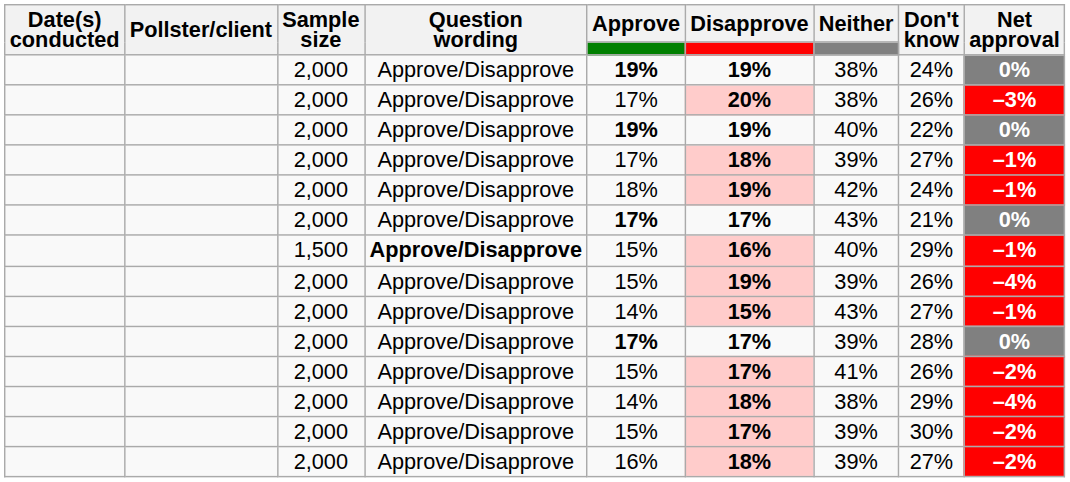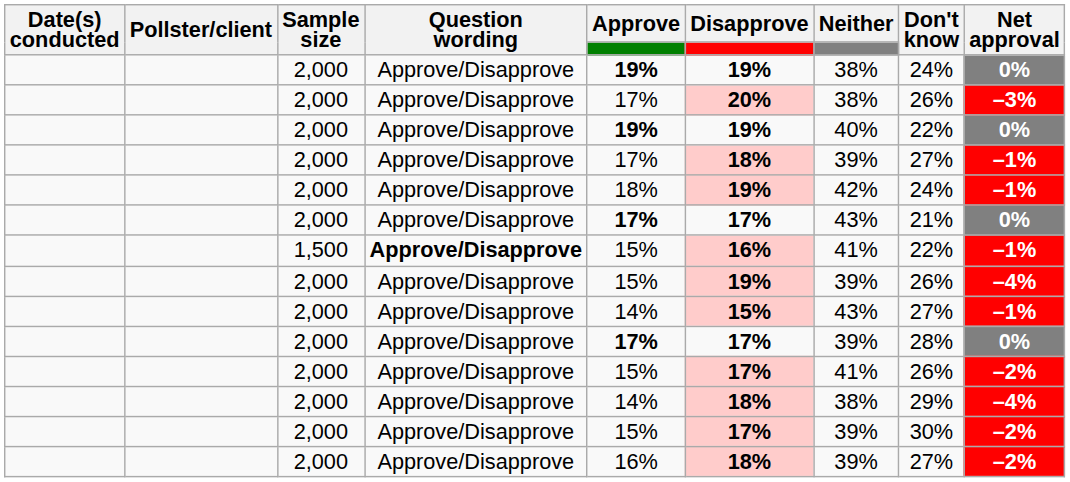 <table class="wikitable collapsible sortable mw-datatable" style="text-align:center;font-size:95%;line-height:14px;">
 <tr>
 <th style="width:125px;" rowspan="2">Date(s)<br>conducted</th>
 <th style="width:200px;" rowspan="2">Pollster/client</th>
 <th style="width:60px;" rowspan="2">Sample size</th>
 <th style="width:120px;" rowspan="2">Question<br>wording</th>
 <th class="unsortable" style="width:80px;">Approve</th>
 <th class="unsortable" style="width: 80px;">Disapprove</th>
 <th class="unsortable" style="width:80px;">Neither</th>
 <th class="unsortable" style="width:80px;" rowspan="2">Don't know</th>
 <th class="unsortable" style="width:20px;" rowspan="2">Net approval</th>
 </tr>
 <tr>
 <th class="unsortable" style="color:inherit;background:green;width:60px;"></th>
 <th class="unsortable" style="color:inherit;background:red;width:60px;"></th>
 <th class="unsortable" style="background:grey;width:60px;"></th>
 </tr>
 <tr>
 <td></td>
 <td></td>
 <td>2,000</td>
 <td>Approve/Disapprove</td>
 <td><strong>19%</strong></td>
 <td><strong>19%</strong></td>
 <td>38%</td>
 <td>24%</td>
 <td style="background:grey;color:white;"><strong>0%</strong></td>
 </tr>
 <tr>
 <td></td>
 <td></td>
 <td>2,000</td>
 <td>Approve/Disapprove</td>
 <td>17%</td>
 <td style="background:#ffcccb"><strong>20%</strong></td>
 <td>38%</td>
 <td>26%</td>
 <td style="background:red;color:white;"><strong>–3%</strong></td>
 </tr>
 <tr>
 <td></td>
 <td></td>
 <td>2,000</td>
 <td>Approve/Disapprove</td>
 <td><strong>19%</strong></td>
 <td><strong>19%</strong></td>
 <td>40%</td>
 <td>22%</td>
 <td style="background:grey;color:white;"><strong>0%</strong></td>
 </tr>
 <tr>
 <td></td>
 <td></td>
 <td>2,000</td>
 <td>Approve/Disapprove</td>
 <td>17%</td>
 <td style="background:#ffcccb"><strong>18%</strong></td>
 <td>39%</td>
 <td>27%</td>
 <td style="background:red;color:white;"><strong>–1%</strong></td>
 </tr>
 <tr>
 <td></td>
 <td></td>
 <td>2,000</td>
 <td>Approve/Disapprove</td>
 <td>18%</td>
 <td style="background:#ffcccb"><strong>19%</strong></td>
 <td>42%</td>
 <td>24%</td>
 <td style="background:red;color:white;"><strong>–1%</strong></td>
 </tr>
 <tr>
 <td></td>
 <td></td>
 <td>2,000</td>
 <td>Approve/Disapprove</td>
 <td><strong>17%</strong></td>
 <td><strong>17%</strong></td>
 <td>43%</td>
 <td>21%</td>
 <td style="background:grey;color:white;"><strong>0%</strong></td>
 </tr>
 <tr>
 <td></td>
 <td></td>
 <td>1,500</td>
 <td><strong>Approve/Disapprove</strong></td>
 <td>15%</td>
 <td style="background:#ffcccb"><strong>16%</strong></td>
-<td>40%</td>
-<td>29%</td>
+<td>41%</td>
+<td>22%</td>
 <td style="background:red;color:white;"><strong>–1%</strong></td>
 </tr>
 <tr>
 <td></td>
 <td></td>
 <td>2,000</td>
 <td>Approve/Disapprove</td>
 <td>15%</td>
 <td style="background:#ffcccb"><strong>19%</strong></td>
 <td>39%</td>
 <td>26%</td>
 <td style="background:red;color:white;"><strong>–4%</strong></td>
 </tr>
 <tr>
 <td></td>
 <td></td>
 <td>2,000</td>
 <td>Approve/Disapprove</td>
 <td>14%</td>
 <td style="background:#ffcccb"><strong>15%</strong></td>
 <td>43%</td>
 <td>27%</td>
 <td style="background:red;color:white;"><strong>–1%</strong></td>
 </tr>
 <tr>
 <td></td>
 <td></td>
 <td>2,000</td>
 <td>Approve/Disapprove</td>
 <td><strong>17%</strong></td>
 <td><strong>17%</strong></td>
 <td>39%</td>
 <td>28%</td>
 <td style="background:grey;color:white;"><strong>0%</strong></td>
 </tr>
 <tr>
 <td></td>
 <td></td>
 <td>2,000</td>
 <td>Approve/Disapprove</td>
 <td>15%</td>
 <td style="background:#ffcccb"><strong>17%</strong></td>
 <td>41%</td>
 <td>26%</td>
 <td style="background:red;color:white;"><strong>–2%</strong></td>
 </tr>
 <tr>
 <td></td>
 <td></td>
 <td>2,000</td>
 <td>Approve/Disapprove</td>
 <td>14%</td>
 <td style="background:#ffcccb"><strong>18%</strong></td>
 <td>38%</td>
 <td>29%</td>
 <td style="background:red;color:white;"><strong>–4%</strong></td>
 </tr>
 <tr>
 <td></td>
 <td></td>
 <td>2,000</td>
 <td>Approve/Disapprove</td>
 <td>15%</td>
 <td style="background:#ffcccb"><strong>17%</strong></td>
 <td>39%</td>
 <td>30%</td>
 <td style="background:red;color:white;"><strong>–2%</strong></td>
 </tr>
 <tr>
 <td></td>
 <td></td>
 <td>2,000</td>
 <td>Approve/Disapprove</td>
 <td>16%</td>
 <td style="background:#ffcccb"><strong>18%</strong></td>
 <td>39%</td>
 <td>27%</td>
 <td style="background:red;color:white;"><strong>–2%</strong></td>
 </tr>
 </table>
